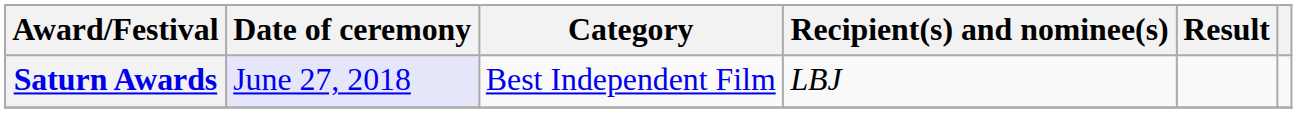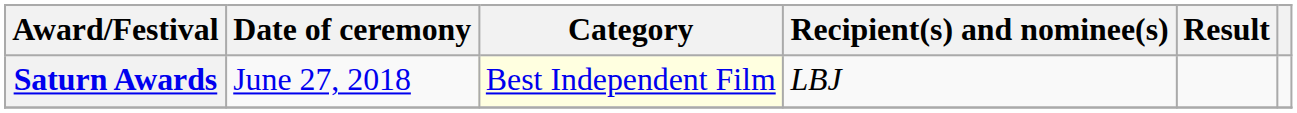 <table class="wikitable plainrowheaders sortable" style="font-size: 99%;">
 <tr>
 <th scope="col" class="sortable">Award/Festival</th>
 <th scope="col" class="sortable">Date of ceremony</th>
 <th scope="col">Category</th>
 <th scope="col">Recipient(s) and nominee(s)</th>
 <th scope="col">Result</th>
 <th scope="col" class="unsortable"></th>
 </tr>
 <tr>
 <th scope="row"><a href='#'>Saturn Awards</a></th>
-<td style="background: lavender;"><a href='#'>June 27, 2018</a></td>
-<td><a href='#'>Best Independent Film</a></td>
+<td><a href='#'>June 27, 2018</a></td>
+<td style="background: lightyellow;"><a href='#'>Best Independent Film</a></td>
 <td><em>LBJ</em></td>
 <td></td>
 <td style="text-align:center;"></td>
 </tr>
 <tr>
 </tr>
 </table>
